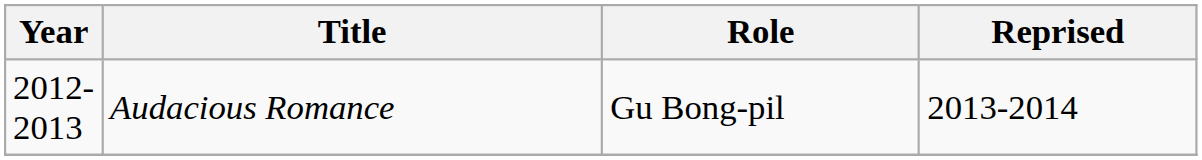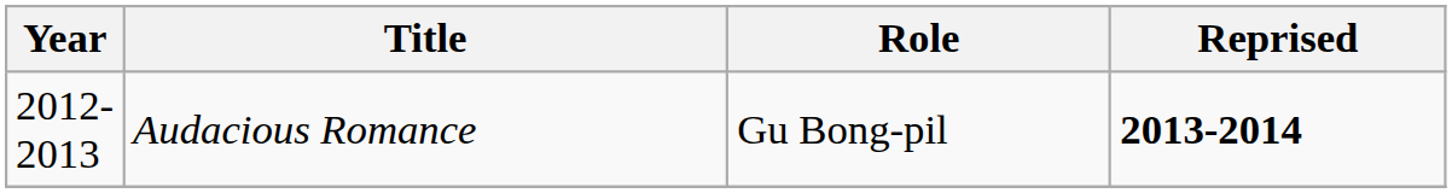 <table class="wikitable" style="width:550px">
 <tr>
 <th width=10>Year</th>
 <th>Title</th>
 <th>Role</th>
 <th>Reprised</th>
 </tr>
 <tr>
 <td>2012-2013</td>
 <td> <em>Audacious Romance</em></td>
 <td>Gu Bong-pil</td>
-<td>2013-2014</td>
+<td><strong>2013-2014</strong></td>
 </tr>
 <tr>
 </tr>
 </table>
